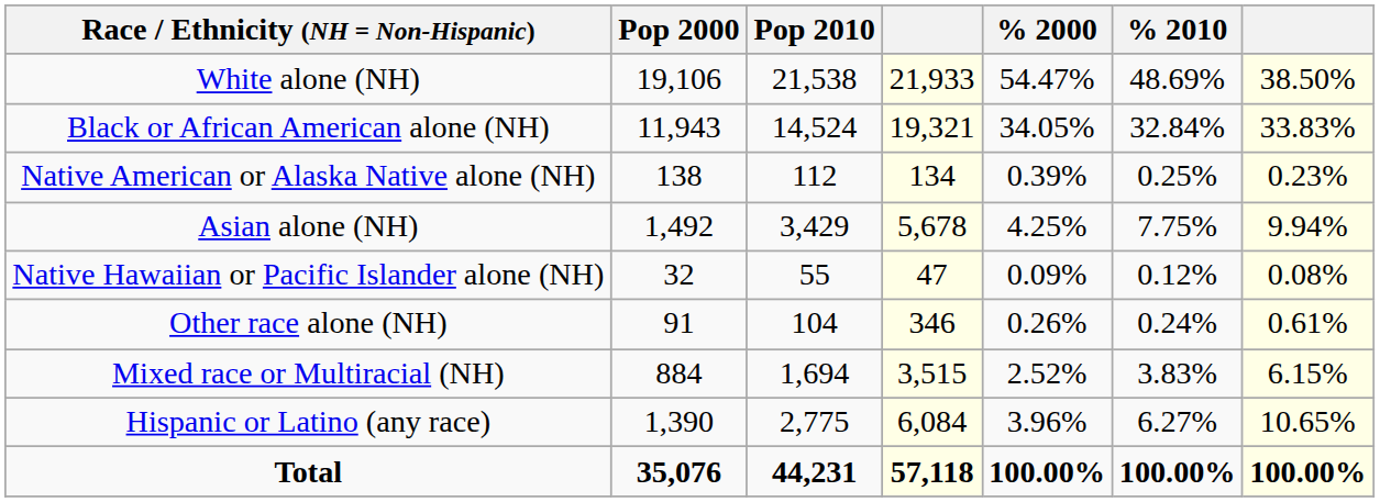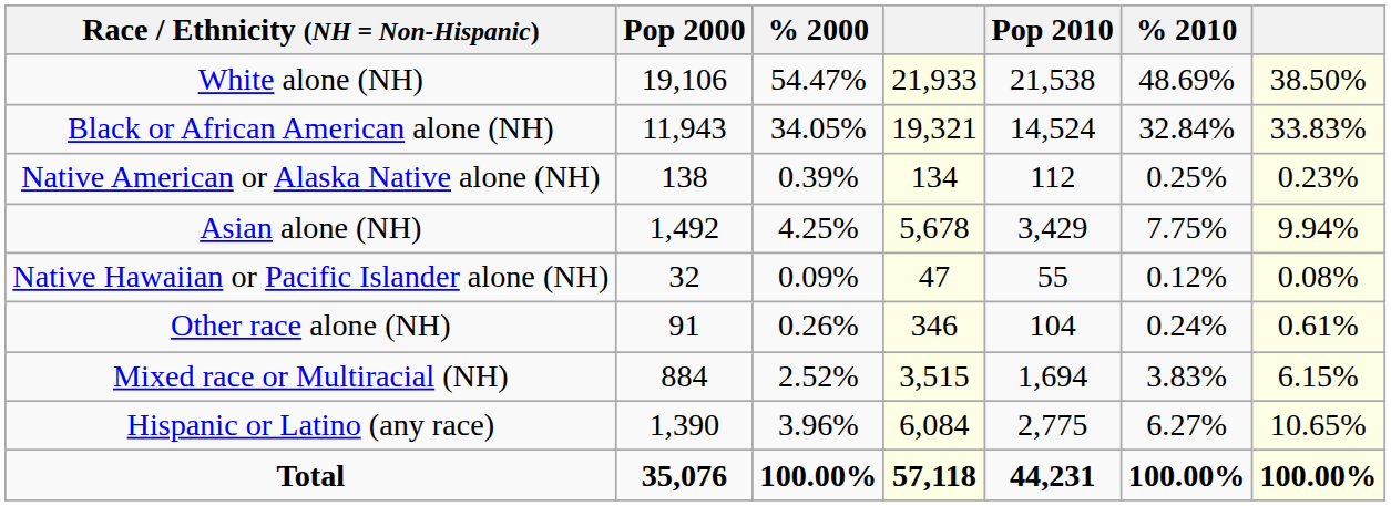 <table class="wikitable" style="text-align:center;">
 <tr>
 <th>Race / Ethnicity <small>(<em>NH = Non-Hispanic</em>)</small></th>
 <th>Pop 2000</th>
+<th>% 2000</th>
+<th></th>
 <th>Pop 2010</th>
-<th></th>
-<th>% 2000</th>
 <th>% 2010</th>
 <th></th>
 </tr>
 <tr>
 <td><a href='#'>White</a> alone (NH)</td>
 <td>19,106</td>
+<td>54.47%</td>
+<td style='background: #ffffe6;'>21,933</td>
 <td>21,538</td>
-<td style='background: #ffffe6;'>21,933</td>
-<td>54.47%</td>
 <td>48.69%</td>
 <td style='background: #ffffe6;'>38.50%</td>
 </tr>
 <tr>
 <td><a href='#'>Black or African American</a> alone (NH)</td>
 <td>11,943</td>
+<td>34.05%</td>
+<td style='background: #ffffe6;'>19,321</td>
 <td>14,524</td>
-<td style='background: #ffffe6;'>19,321</td>
-<td>34.05%</td>
 <td>32.84%</td>
 <td style='background: #ffffe6;'>33.83%</td>
 </tr>
 <tr>
 <td><a href='#'>Native American</a> or <a href='#'>Alaska Native</a> alone (NH)</td>
 <td>138</td>
+<td>0.39%</td>
+<td style='background: #ffffe6;'>134</td>
 <td>112</td>
-<td style='background: #ffffe6;'>134</td>
-<td>0.39%</td>
 <td>0.25%</td>
 <td style='background: #ffffe6;'>0.23%</td>
 </tr>
 <tr>
 <td><a href='#'>Asian</a> alone (NH)</td>
 <td>1,492</td>
+<td>4.25%</td>
+<td style='background: #ffffe6;'>5,678</td>
 <td>3,429</td>
-<td style='background: #ffffe6;'>5,678</td>
-<td>4.25%</td>
 <td>7.75%</td>
 <td style='background: #ffffe6;'>9.94%</td>
 </tr>
 <tr>
 <td><a href='#'>Native Hawaiian</a> or <a href='#'>Pacific Islander</a> alone (NH)</td>
 <td>32</td>
+<td>0.09%</td>
+<td style='background: #ffffe6;'>47</td>
 <td>55</td>
-<td style='background: #ffffe6;'>47</td>
-<td>0.09%</td>
 <td>0.12%</td>
 <td style='background: #ffffe6;'>0.08%</td>
 </tr>
 <tr>
 <td><a href='#'>Other race</a> alone (NH)</td>
 <td>91</td>
+<td>0.26%</td>
+<td style='background: #ffffe6;'>346</td>
 <td>104</td>
-<td style='background: #ffffe6;'>346</td>
-<td>0.26%</td>
 <td>0.24%</td>
 <td style='background: #ffffe6;'>0.61%</td>
 </tr>
 <tr>
 <td><a href='#'>Mixed race or Multiracial</a> (NH)</td>
 <td>884</td>
+<td>2.52%</td>
+<td style='background: #ffffe6;'>3,515</td>
 <td>1,694</td>
-<td style='background: #ffffe6;'>3,515</td>
-<td>2.52%</td>
 <td>3.83%</td>
 <td style='background: #ffffe6;'>6.15%</td>
 </tr>
 <tr>
 <td><a href='#'>Hispanic or Latino</a> (any race)</td>
 <td>1,390</td>
+<td>3.96%</td>
+<td style='background: #ffffe6;'>6,084</td>
 <td>2,775</td>
-<td style='background: #ffffe6;'>6,084</td>
-<td>3.96%</td>
 <td>6.27%</td>
 <td style='background: #ffffe6;'>10.65%</td>
 </tr>
 <tr>
 <td><strong>Total</strong></td>
 <td><strong>35,076</strong></td>
+<td><strong>100.00%</strong></td>
+<td style='background: #ffffe6;'><strong>57,118</strong></td>
 <td><strong>44,231</strong></td>
-<td style='background: #ffffe6;'><strong>57,118</strong></td>
-<td><strong>100.00%</strong></td>
 <td><strong>100.00%</strong></td>
 <td style='background: #ffffe6;'><strong>100.00%</strong></td>
 </tr>
 </table>
